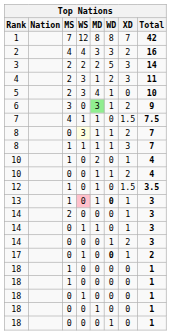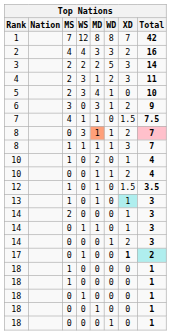 <table class="wikitable" style="text-align:center">
 <tr>
 <th colspan=10>Top Nations</th>
 </tr>
 <tr>
 <th>Rank</th>
 <th>Nation</th>
 <th>MS</th>
 <th>WS</th>
 <th>MD</th>
 <th>WD</th>
 <th>XD</th>
 <th>Total</th>
 </tr>
 <tr>
 <td>1</td>
 <td align=left></td>
 <td>7</td>
 <td>12</td>
 <td>8</td>
 <td>8</td>
 <td>7</td>
 <td><strong>42</strong></td>
 </tr>
 <tr>
 <td>2</td>
 <td align=left></td>
 <td>4</td>
 <td>4</td>
 <td>3</td>
 <td>3</td>
 <td>2</td>
 <td><strong>16</strong></td>
 </tr>
 <tr align=center>
 <td>3</td>
 <td align=left></td>
 <td>2</td>
 <td>2</td>
 <td>2</td>
 <td>5</td>
 <td>3</td>
 <td><strong>14</strong></td>
 </tr>
 <tr align=center>
 <td>4</td>
 <td align=left></td>
 <td>2</td>
 <td>3</td>
 <td>1</td>
 <td>2</td>
 <td>3</td>
 <td><strong>11</strong></td>
 </tr>
 <tr align=center>
 <td>5</td>
 <td align=left></td>
 <td>2</td>
 <td>3</td>
 <td>4</td>
 <td>1</td>
 <td>0</td>
 <td><strong>10</strong></td>
 </tr>
 <tr align=center>
 <td>6</td>
 <td align=left></td>
 <td>3</td>
 <td>0</td>
-<td style="background: lightgreen;">3</td>
+<td>3</td>
 <td>1</td>
 <td>2</td>
 <td><strong>9</strong></td>
 </tr>
 <tr align=center>
 <td>7</td>
 <td align=left></td>
 <td>4</td>
 <td>1</td>
 <td>1</td>
 <td>0</td>
 <td>1.5</td>
 <td><strong>7.5</strong></td>
 </tr>
 <tr align=center>
 <td>8</td>
 <td align=left></td>
 <td>0</td>
-<td style="background: lightyellow;">3</td>
-<td>1</td>
+<td>3</td>
+<td style="background: lightsalmon;">1</td>
 <td>1</td>
 <td>2</td>
-<td><strong>7</strong></td>
+<td style="background: pink;"><strong>7</strong></td>
 </tr>
 <tr align=center>
 <td>8</td>
 <td align=left></td>
 <td>1</td>
 <td>1</td>
 <td>1</td>
 <td>1</td>
 <td>3</td>
 <td><strong>7</strong></td>
 </tr>
 <tr align=center>
 <td>10</td>
 <td align=left></td>
 <td>1</td>
 <td>0</td>
 <td>2</td>
 <td>0</td>
 <td>1</td>
 <td><strong>4</strong></td>
 </tr>
 <tr align=center>
 <td>10</td>
 <td align=left></td>
 <td>0</td>
 <td>0</td>
 <td>1</td>
 <td>1</td>
 <td>2</td>
 <td><strong>4</strong></td>
 </tr>
 <tr align=center>
 <td>12</td>
 <td align=left></td>
 <td>1</td>
 <td>0</td>
 <td>1</td>
 <td>0</td>
 <td>1.5</td>
 <td><strong>3.5</strong></td>
 </tr>
 <tr align=center>
 <td>13</td>
 <td align=left></td>
 <td>1</td>
-<td style="background: pink;">0</td>
+<td>0</td>
 <td>1</td>
-<td><strong>0</strong></td>
-<td>1</td>
+<td>0</td>
+<td style="background: paleturquoise;">1</td>
 <td><strong>3</strong></td>
 </tr>
 <tr align=center>
 <td>14</td>
 <td align=left></td>
 <td>2</td>
 <td>0</td>
 <td>0</td>
 <td>0</td>
 <td>1</td>
 <td><strong>3</strong></td>
 </tr>
 <tr align=center>
 <td>14</td>
 <td align=left></td>
 <td>0</td>
 <td>1</td>
 <td>1</td>
 <td>0</td>
 <td>1</td>
 <td><strong>3</strong></td>
 </tr>
 <tr align=center>
 <td>14</td>
 <td align=left></td>
 <td>0</td>
 <td>0</td>
 <td>0</td>
 <td>1</td>
 <td>2</td>
 <td><strong>3</strong></td>
 </tr>
 <tr align=center>
 <td>17</td>
 <td align=left></td>
 <td>0</td>
 <td>1</td>
 <td>0</td>
-<td><strong>0</strong></td>
-<td>1</td>
-<td><strong>2</strong></td>
+<td>0</td>
+<td><strong>1</strong></td>
+<td style="background: paleturquoise;"><strong>2</strong></td>
 </tr>
 <tr align=center>
 <td>18</td>
 <td align=left></td>
 <td>1</td>
 <td>0</td>
 <td>0</td>
 <td>0</td>
 <td>0</td>
 <td><strong>1</strong></td>
 </tr>
 <tr align=center>
 <td>18</td>
 <td align=left></td>
 <td>1</td>
 <td>0</td>
 <td>0</td>
 <td>0</td>
 <td>0</td>
 <td><strong>1</strong></td>
 </tr>
 <tr align=center>
 <td>18</td>
 <td align=left></td>
 <td>0</td>
 <td>1</td>
 <td>0</td>
 <td>0</td>
 <td>0</td>
 <td><strong>1</strong></td>
 </tr>
 <tr align=center>
 <td>18</td>
 <td align=left></td>
 <td>0</td>
 <td>0</td>
 <td>1</td>
 <td>0</td>
 <td>0</td>
 <td><strong>1</strong></td>
 </tr>
 <tr align=center>
 <td>18</td>
 <td align=left></td>
 <td>0</td>
 <td>0</td>
 <td>0</td>
 <td>1</td>
 <td>0</td>
 <td><strong>1</strong></td>
 </tr>
 </table>
